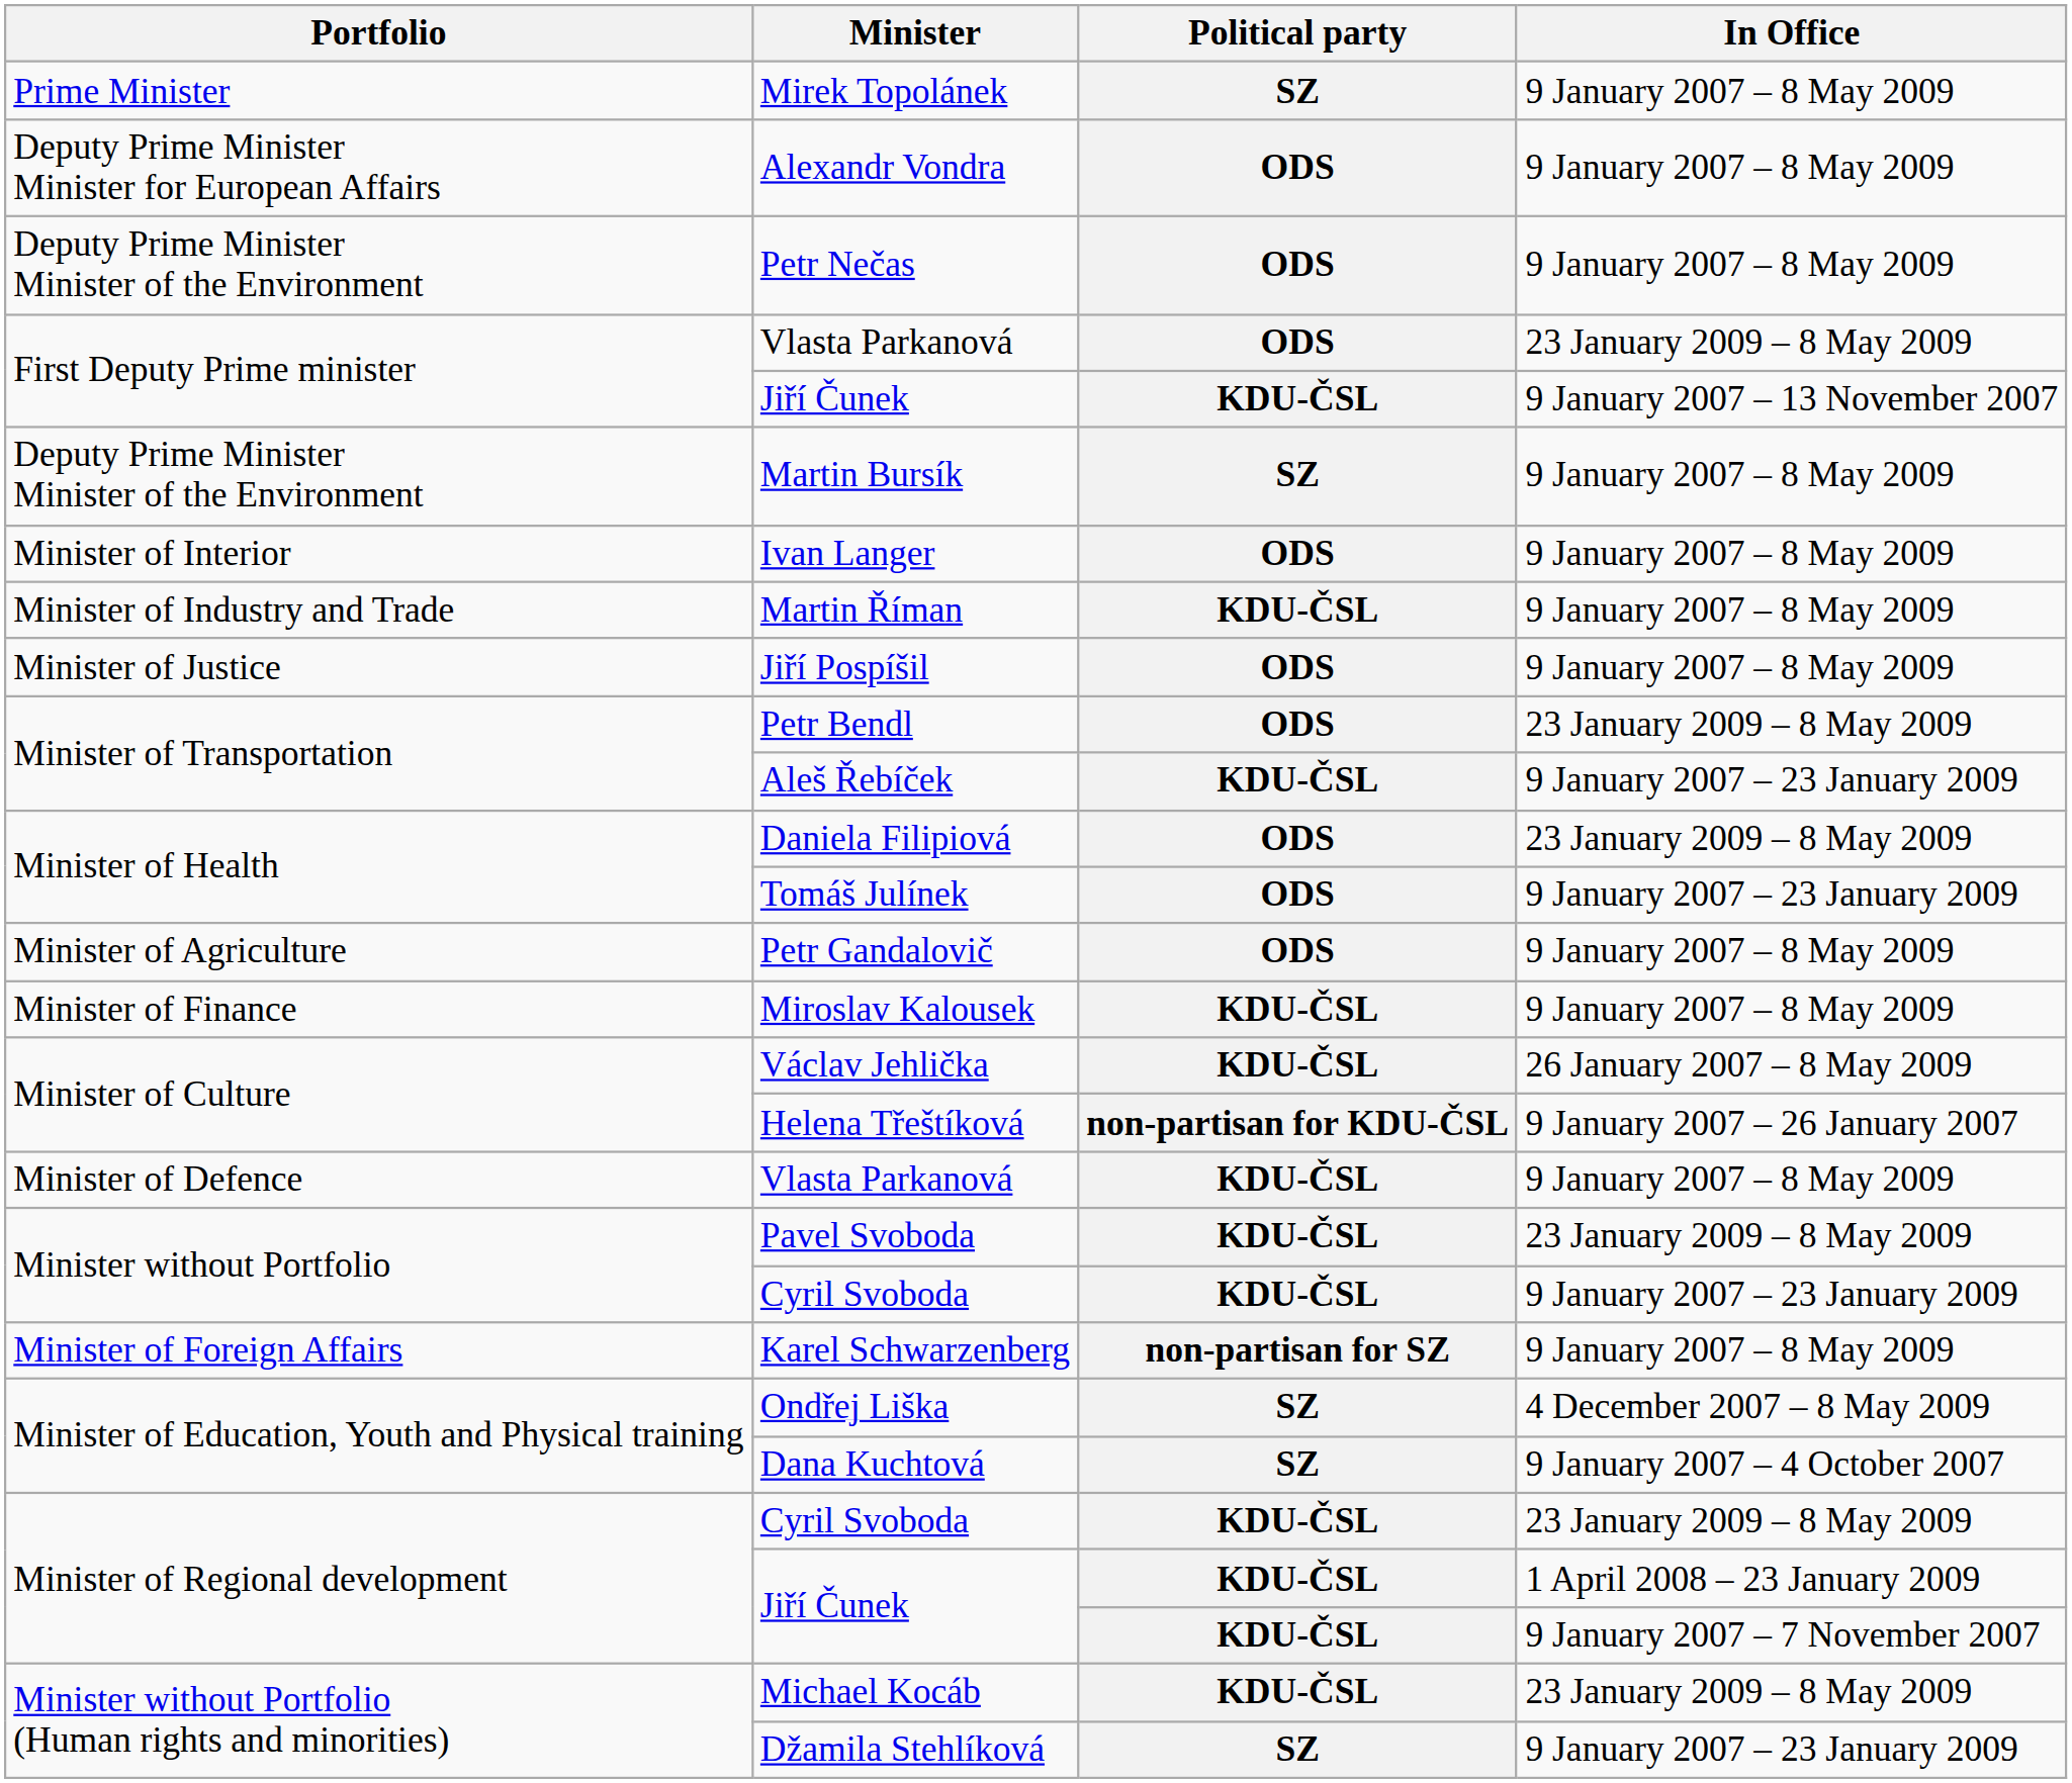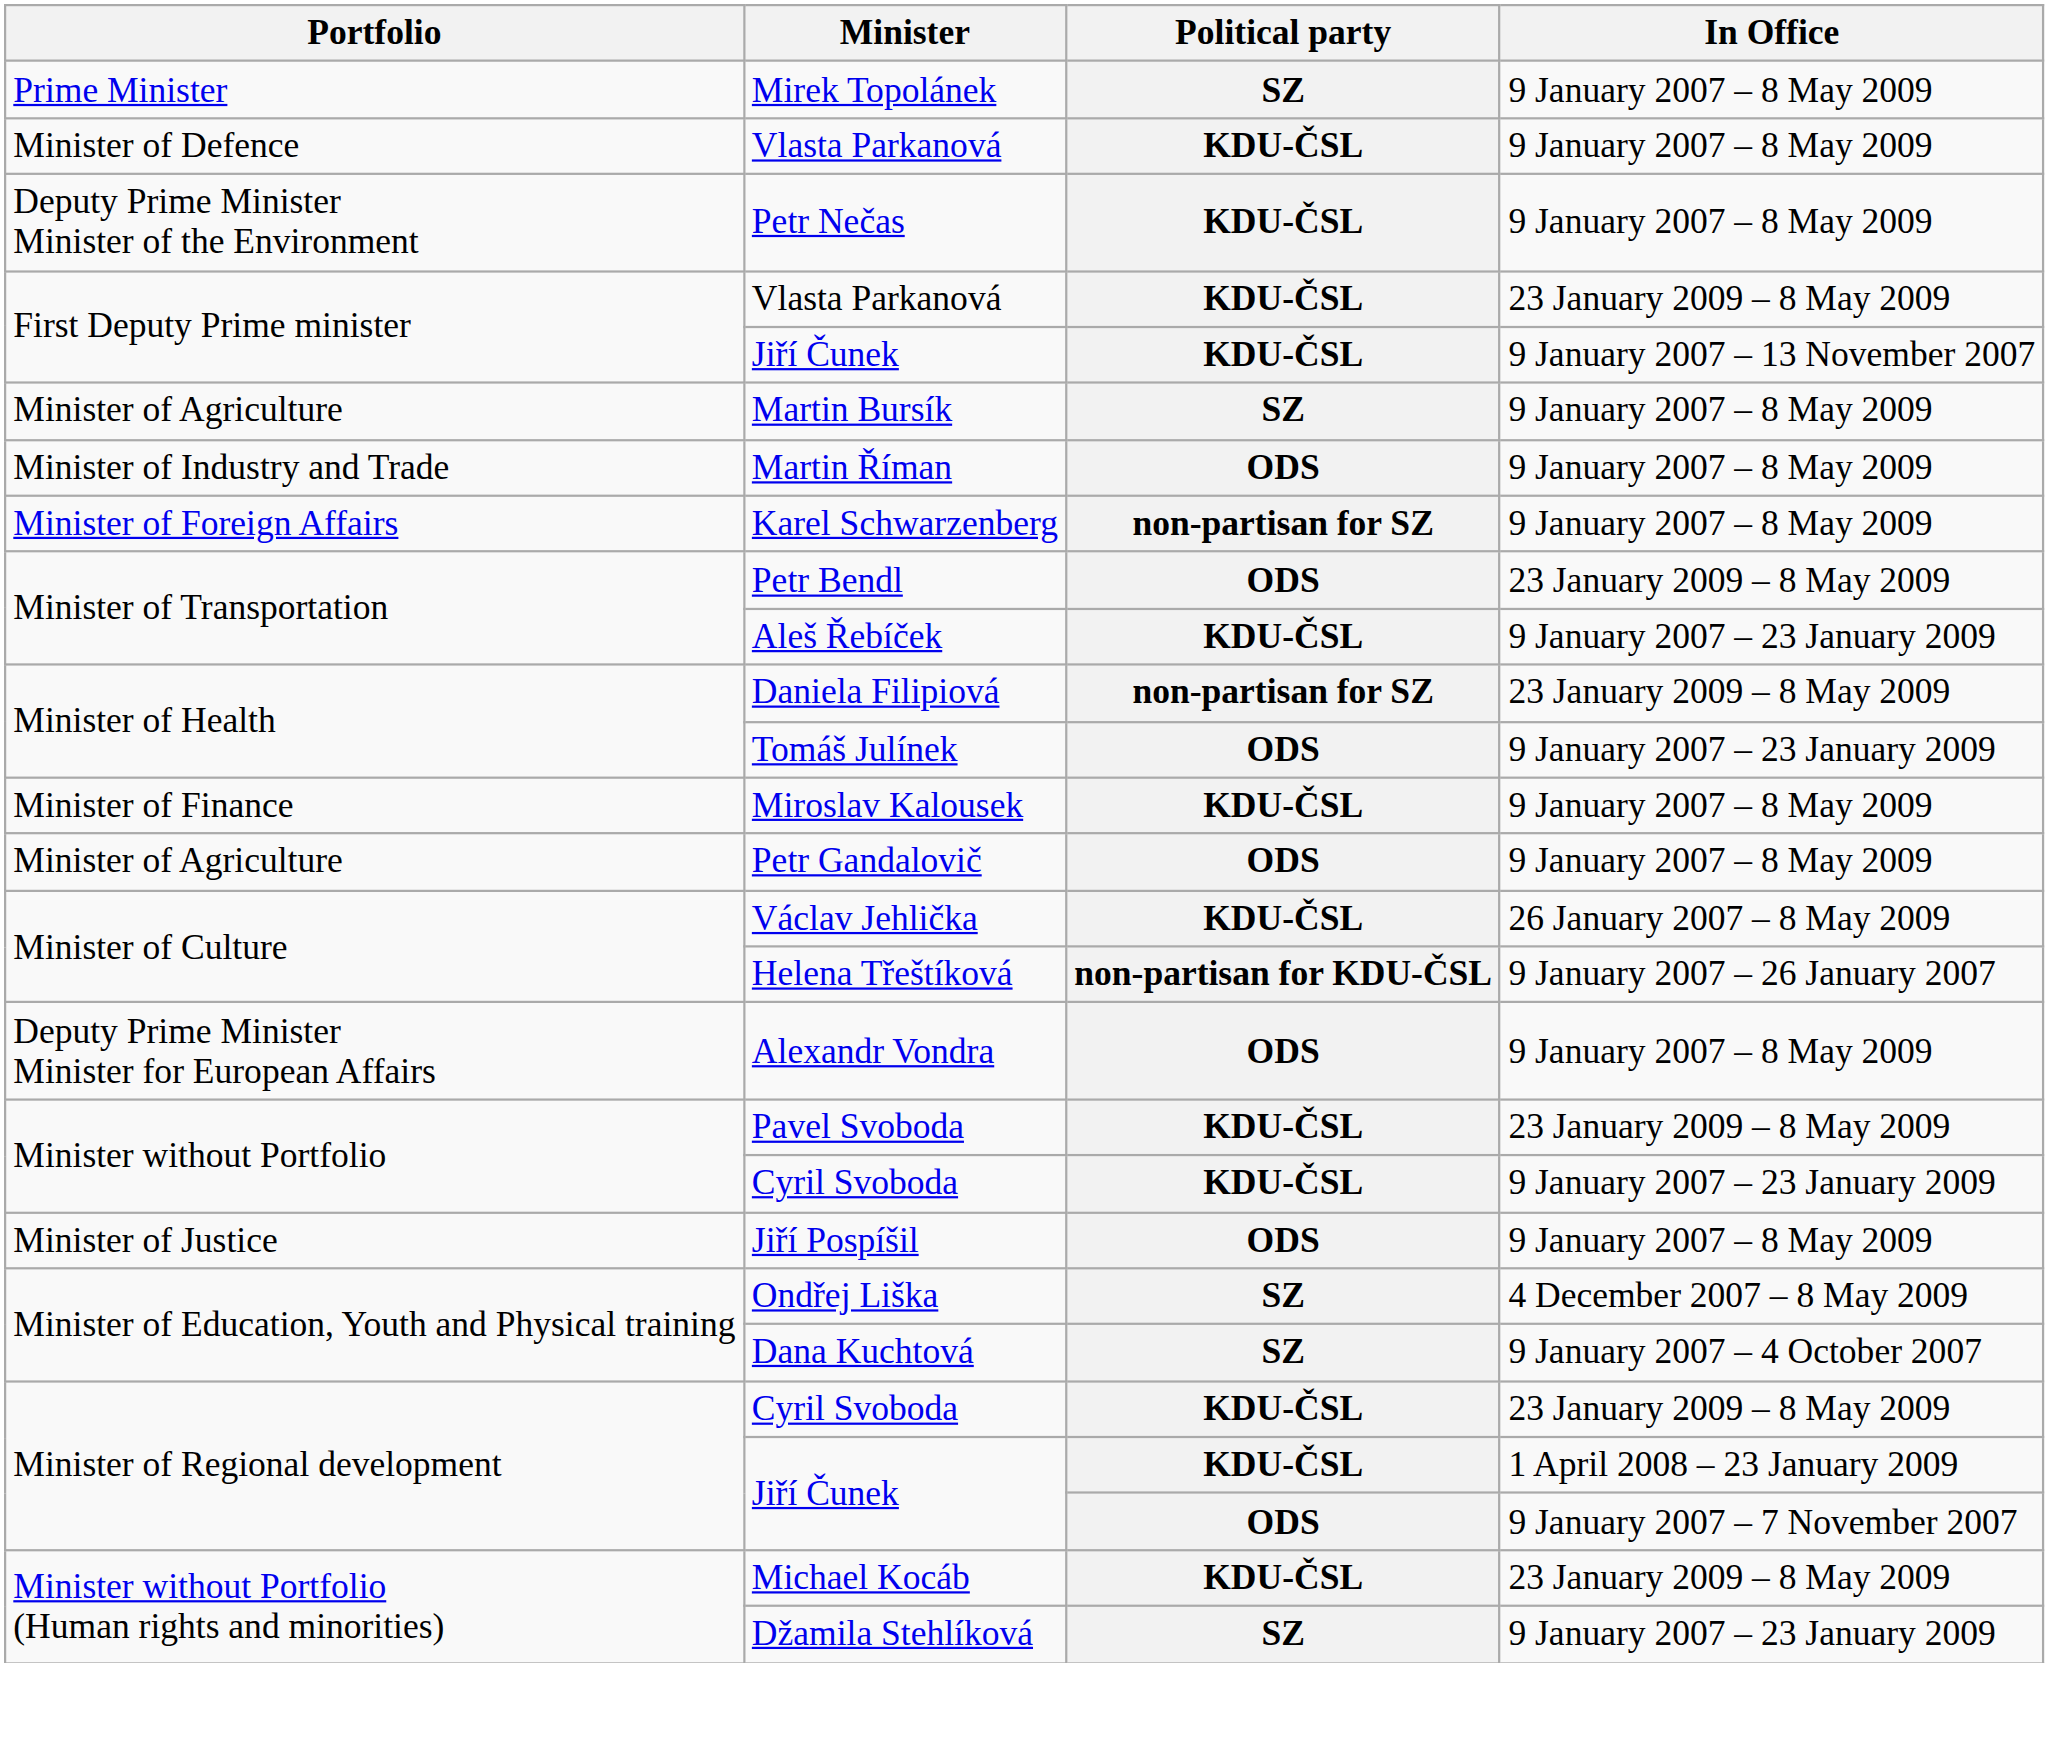 <table class="wikitable">
 <tr>
 <th>Portfolio</th>
 <th>Minister</th>
 <th>Political party</th>
 <th>In Office</th>
 </tr>
 <tr>
 <td><a href='#'>Prime Minister</a></td>
 <td><a href='#'>Mirek Topolánek</a></td>
 <th style="background-color:">SZ</th>
 <td>9 January 2007 – 8 May 2009</td>
 </tr>
 <tr>
-<td>Deputy Prime Minister<br>Minister for European Affairs</td>
-<td><a href='#'>Alexandr Vondra</a></td>
-<th style="background-color:">ODS</th>
+<td>Minister of Defence</td>
+<td><a href='#'>Vlasta Parkanová</a></td>
+<th style="background-color:">KDU-ČSL</th>
 <td>9 January 2007 – 8 May 2009</td>
 </tr>
 <tr>
 <td>Deputy Prime Minister<br>Minister of the Environment</td>
 <td><a href='#'>Petr Nečas</a></td>
-<th style="background-color:">ODS</th>
+<th style="background-color:">KDU-ČSL</th>
 <td>9 January 2007 – 8 May 2009</td>
 </tr>
 <tr>
 <td rowspan="2">First Deputy Prime minister</td>
 <td>Vlasta Parkanová</td>
-<th style="background-color:">ODS</th>
+<th style="background-color:">KDU-ČSL</th>
 <td>23 January 2009 – 8 May 2009</td>
 </tr>
 <tr>
 <td><a href='#'>Jiří Čunek</a></td>
 <th style="background-color:">KDU-ČSL</th>
 <td>9 January 2007 – 13 November 2007</td>
 </tr>
 <tr>
-<td>Deputy Prime Minister<br>Minister of the Environment</td>
+<td>Minister of Agriculture</td>
 <td><a href='#'>Martin Bursík</a></td>
 <th style="background-color:">SZ</th>
 <td>9 January 2007 – 8 May 2009</td>
 </tr>
 <tr>
-<td>Minister of Interior</td>
-<td><a href='#'>Ivan Langer</a></td>
+<td>Minister of Industry and Trade</td>
+<td><a href='#'>Martin Říman</a></td>
 <th style="background-color:">ODS</th>
 <td>9 January 2007 – 8 May 2009</td>
 </tr>
 <tr>
-<td>Minister of Industry and Trade</td>
-<td><a href='#'>Martin Říman</a></td>
-<th style="background-color:">KDU-ČSL</th>
-<td>9 January 2007 – 8 May 2009</td>
-</tr>
-<tr>
-<td>Minister of Justice</td>
-<td><a href='#'>Jiří Pospíšil</a></td>
-<th style="background-color:">ODS</th>
+<td><a href='#'>Minister of Foreign Affairs</a></td>
+<td><a href='#'>Karel Schwarzenberg</a></td>
+<th style="background-color:">non-partisan for SZ</th>
 <td>9 January 2007 – 8 May 2009</td>
 </tr>
 <tr>
 <td rowspan="2">Minister of Transportation</td>
 <td><a href='#'>Petr Bendl</a></td>
 <th style="background-color:">ODS</th>
 <td>23 January 2009 – 8 May 2009</td>
 </tr>
 <tr>
 <td><a href='#'>Aleš Řebíček</a></td>
 <th style="background-color:">KDU-ČSL</th>
 <td>9 January 2007 – 23 January 2009</td>
 </tr>
 <tr>
 <td rowspan="2">Minister of Health</td>
 <td><a href='#'>Daniela Filipiová</a></td>
-<th style="background-color:">ODS</th>
+<th style="background-color:">non-partisan for SZ</th>
 <td>23 January 2009 – 8 May 2009</td>
 </tr>
 <tr>
 <td><a href='#'>Tomáš Julínek</a></td>
 <th style="background-color:">ODS</th>
 <td>9 January 2007 – 23 January 2009</td>
 </tr>
 <tr>
+<td>Minister of Finance</td>
+<td><a href='#'>Miroslav Kalousek</a></td>
+<th style="background-color:">KDU-ČSL</th>
+<td>9 January 2007 – 8 May 2009</td>
+</tr>
+<tr>
 <td>Minister of Agriculture</td>
 <td><a href='#'>Petr Gandalovič</a></td>
 <th style="background-color:">ODS</th>
-<td>9 January 2007 – 8 May 2009</td>
-</tr>
-<tr>
-<td>Minister of Finance</td>
-<td><a href='#'>Miroslav Kalousek</a></td>
-<th style="background-color:">KDU-ČSL</th>
 <td>9 January 2007 – 8 May 2009</td>
 </tr>
 <tr>
 <td rowspan="2">Minister of Culture</td>
 <td><a href='#'>Václav Jehlička</a></td>
 <th style="background-color:">KDU-ČSL</th>
 <td>26 January 2007 – 8 May 2009</td>
 </tr>
 <tr>
 <td><a href='#'>Helena Třeštíková</a></td>
 <th style="background-color:">non-partisan for KDU-ČSL</th>
 <td>9 January 2007 – 26 January 2007</td>
 </tr>
 <tr>
-<td>Minister of Defence</td>
-<td><a href='#'>Vlasta Parkanová</a></td>
-<th style="background-color:">KDU-ČSL</th>
+<td>Deputy Prime Minister<br>Minister for European Affairs</td>
+<td><a href='#'>Alexandr Vondra</a></td>
+<th style="background-color:">ODS</th>
 <td>9 January 2007 – 8 May 2009</td>
 </tr>
 <tr>
 <td rowspan="2">Minister without Portfolio</td>
 <td><a href='#'>Pavel Svoboda</a></td>
 <th style="background-color:">KDU-ČSL</th>
 <td>23 January 2009 – 8 May 2009</td>
 </tr>
 <tr>
 <td><a href='#'>Cyril Svoboda</a></td>
 <th style="background-color:">KDU-ČSL</th>
 <td>9 January 2007 – 23 January 2009</td>
 </tr>
 <tr>
-<td><a href='#'>Minister of Foreign Affairs</a></td>
-<td><a href='#'>Karel Schwarzenberg</a></td>
-<th style="background-color:">non-partisan for SZ</th>
+<td>Minister of Justice</td>
+<td><a href='#'>Jiří Pospíšil</a></td>
+<th style="background-color:">ODS</th>
 <td>9 January 2007 – 8 May 2009</td>
 </tr>
 <tr>
 <td rowspan="2">Minister of Education, Youth and Physical training</td>
 <td><a href='#'>Ondřej Liška</a></td>
 <th style="background-color:">SZ</th>
 <td>4 December 2007 – 8 May 2009</td>
 </tr>
 <tr>
 <td><a href='#'>Dana Kuchtová</a></td>
 <th style="background-color:">SZ</th>
 <td>9 January 2007 – 4 October 2007</td>
 </tr>
 <tr>
 <td rowspan="3">Minister of Regional development</td>
 <td><a href='#'>Cyril Svoboda</a></td>
 <th style="background-color:">KDU-ČSL</th>
 <td>23 January 2009 – 8 May 2009</td>
 </tr>
 <tr>
 <td rowspan="2"><a href='#'>Jiří Čunek</a></td>
 <th style="background-color:">KDU-ČSL</th>
 <td>1 April 2008 – 23 January 2009</td>
 </tr>
 <tr>
-<th style="background-color:">KDU-ČSL</th>
+<th style="background-color:">ODS</th>
 <td>9 January 2007 – 7 November 2007</td>
 </tr>
 <tr>
 <td rowspan="2"><a href='#'>Minister without Portfolio</a><br>(Human rights and minorities)</td>
 <td><a href='#'>Michael Kocáb</a></td>
 <th style="background-color:">KDU-ČSL</th>
 <td>23 January 2009 – 8 May 2009</td>
 </tr>
 <tr>
 <td><a href='#'>Džamila Stehlíková</a></td>
 <th style="background-color:">SZ</th>
 <td>9 January 2007 – 23 January 2009</td>
 </tr>
 </table>
